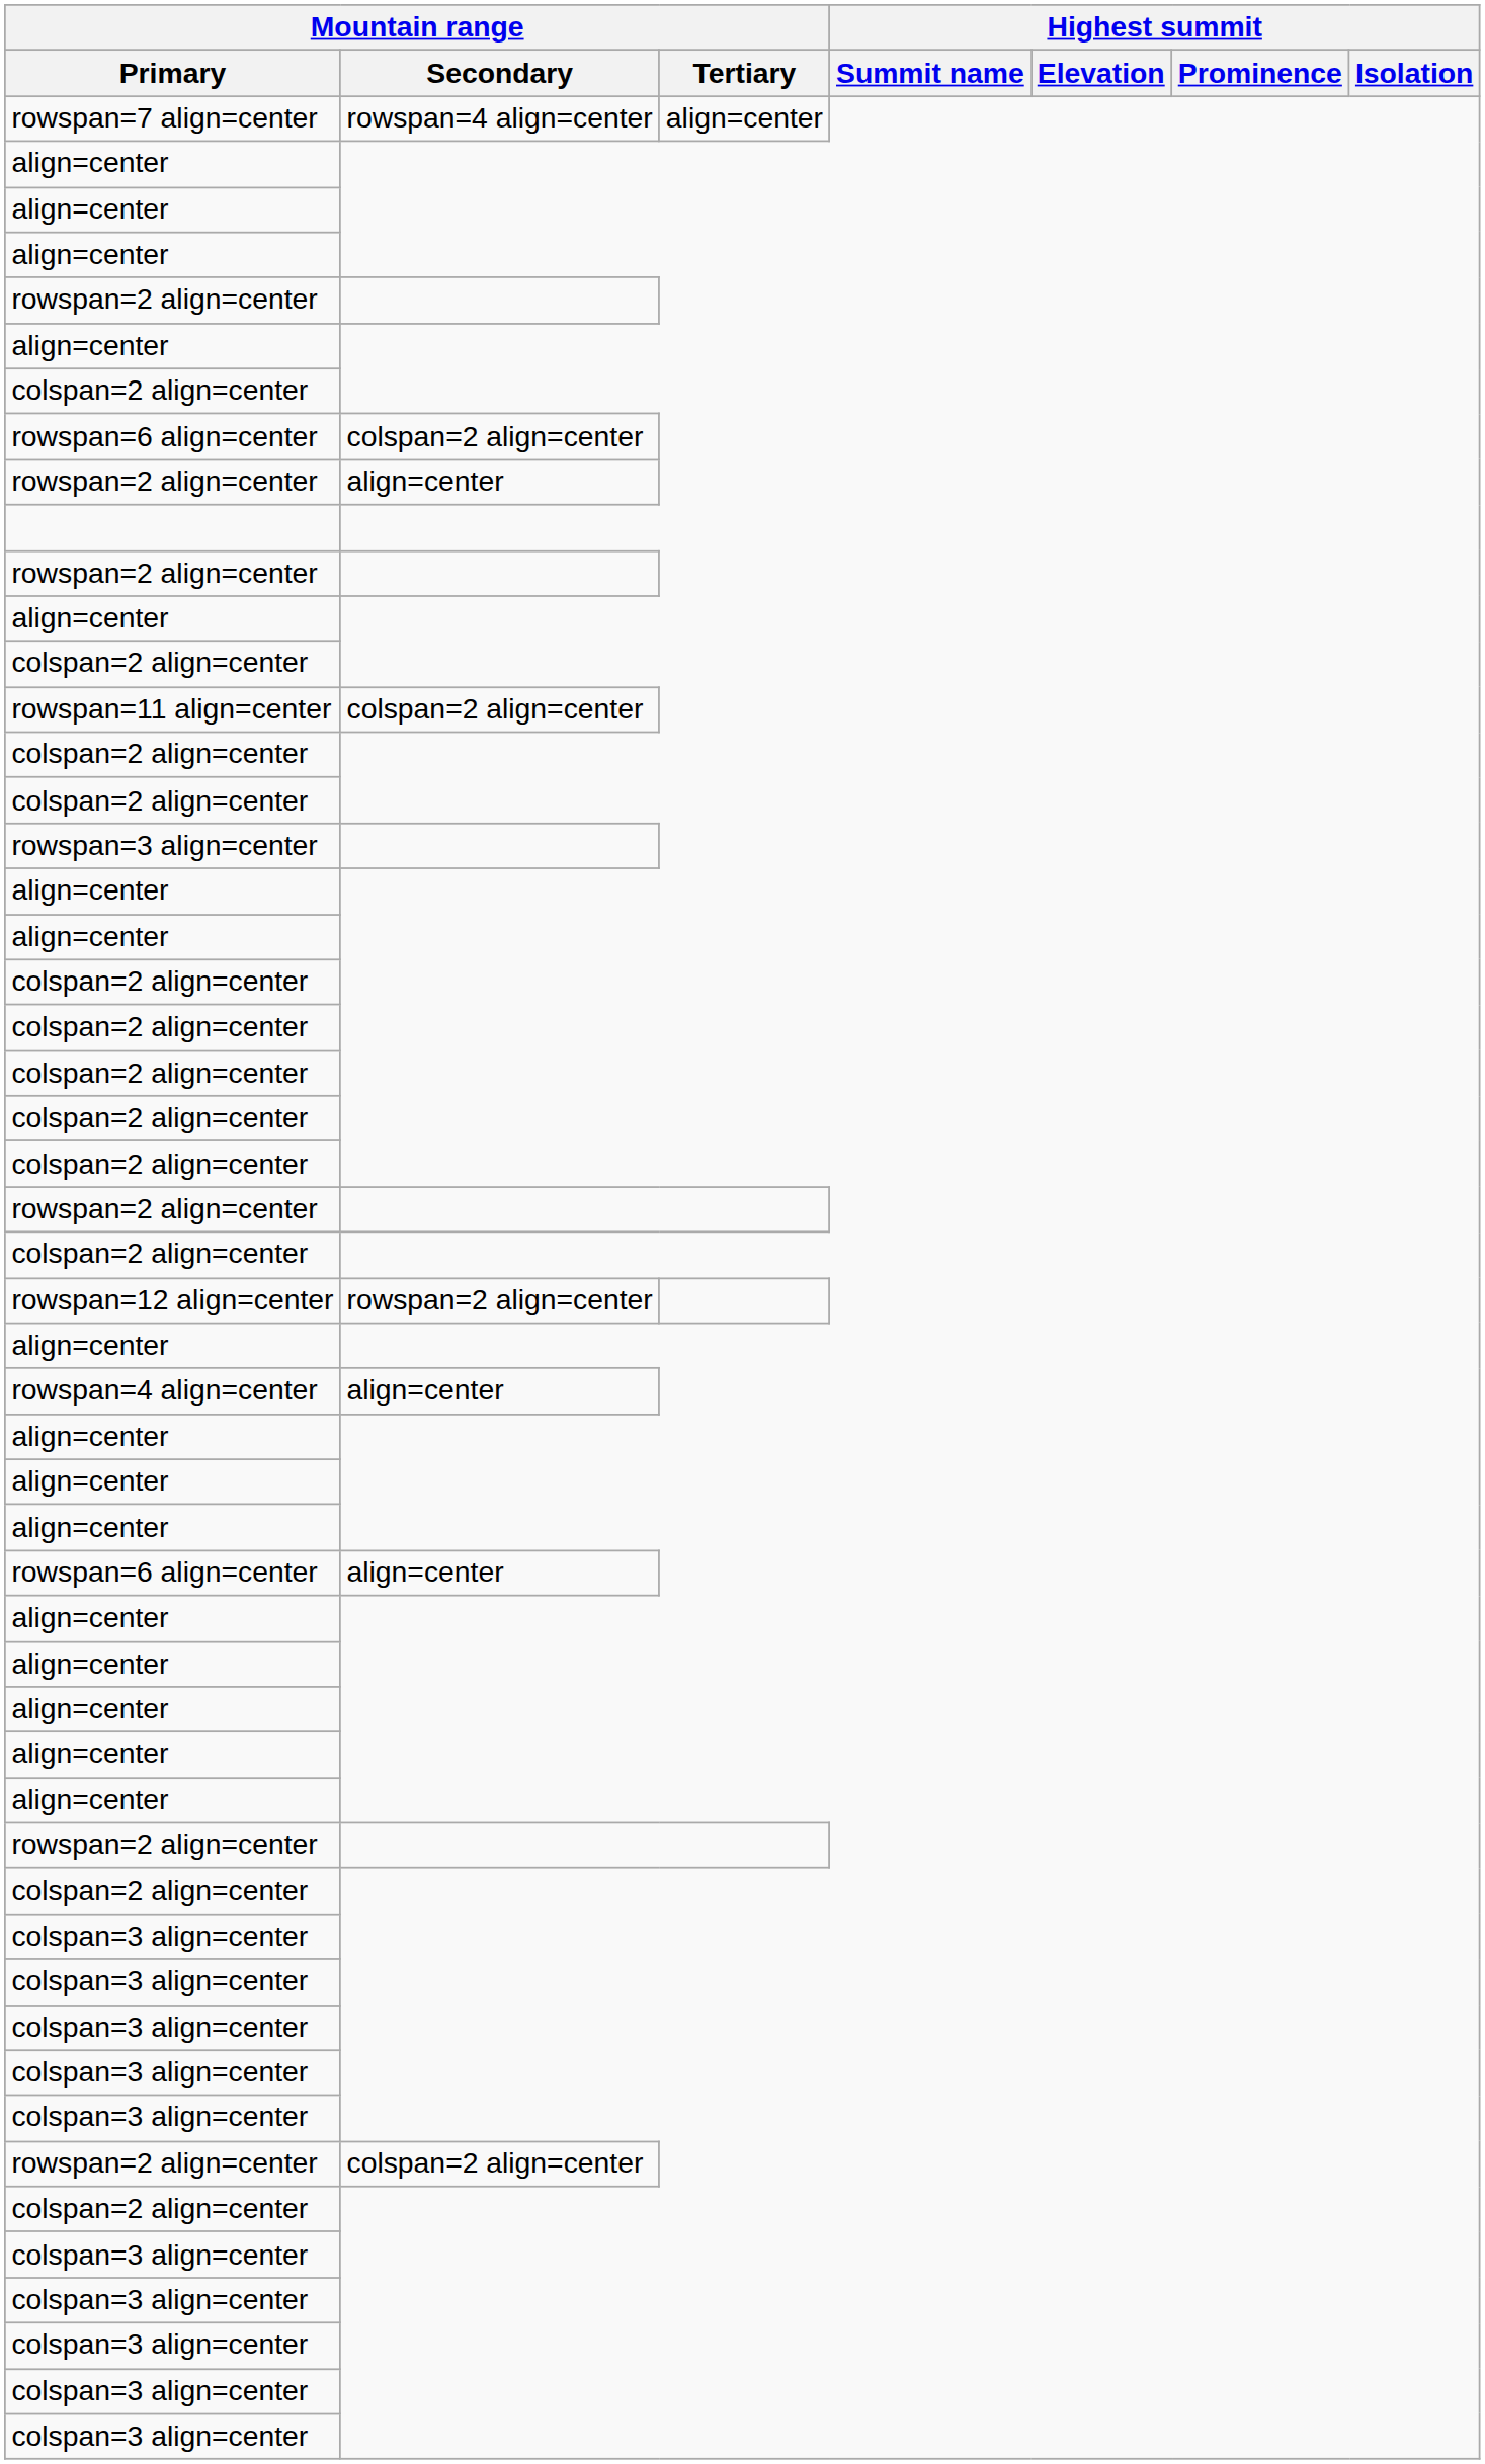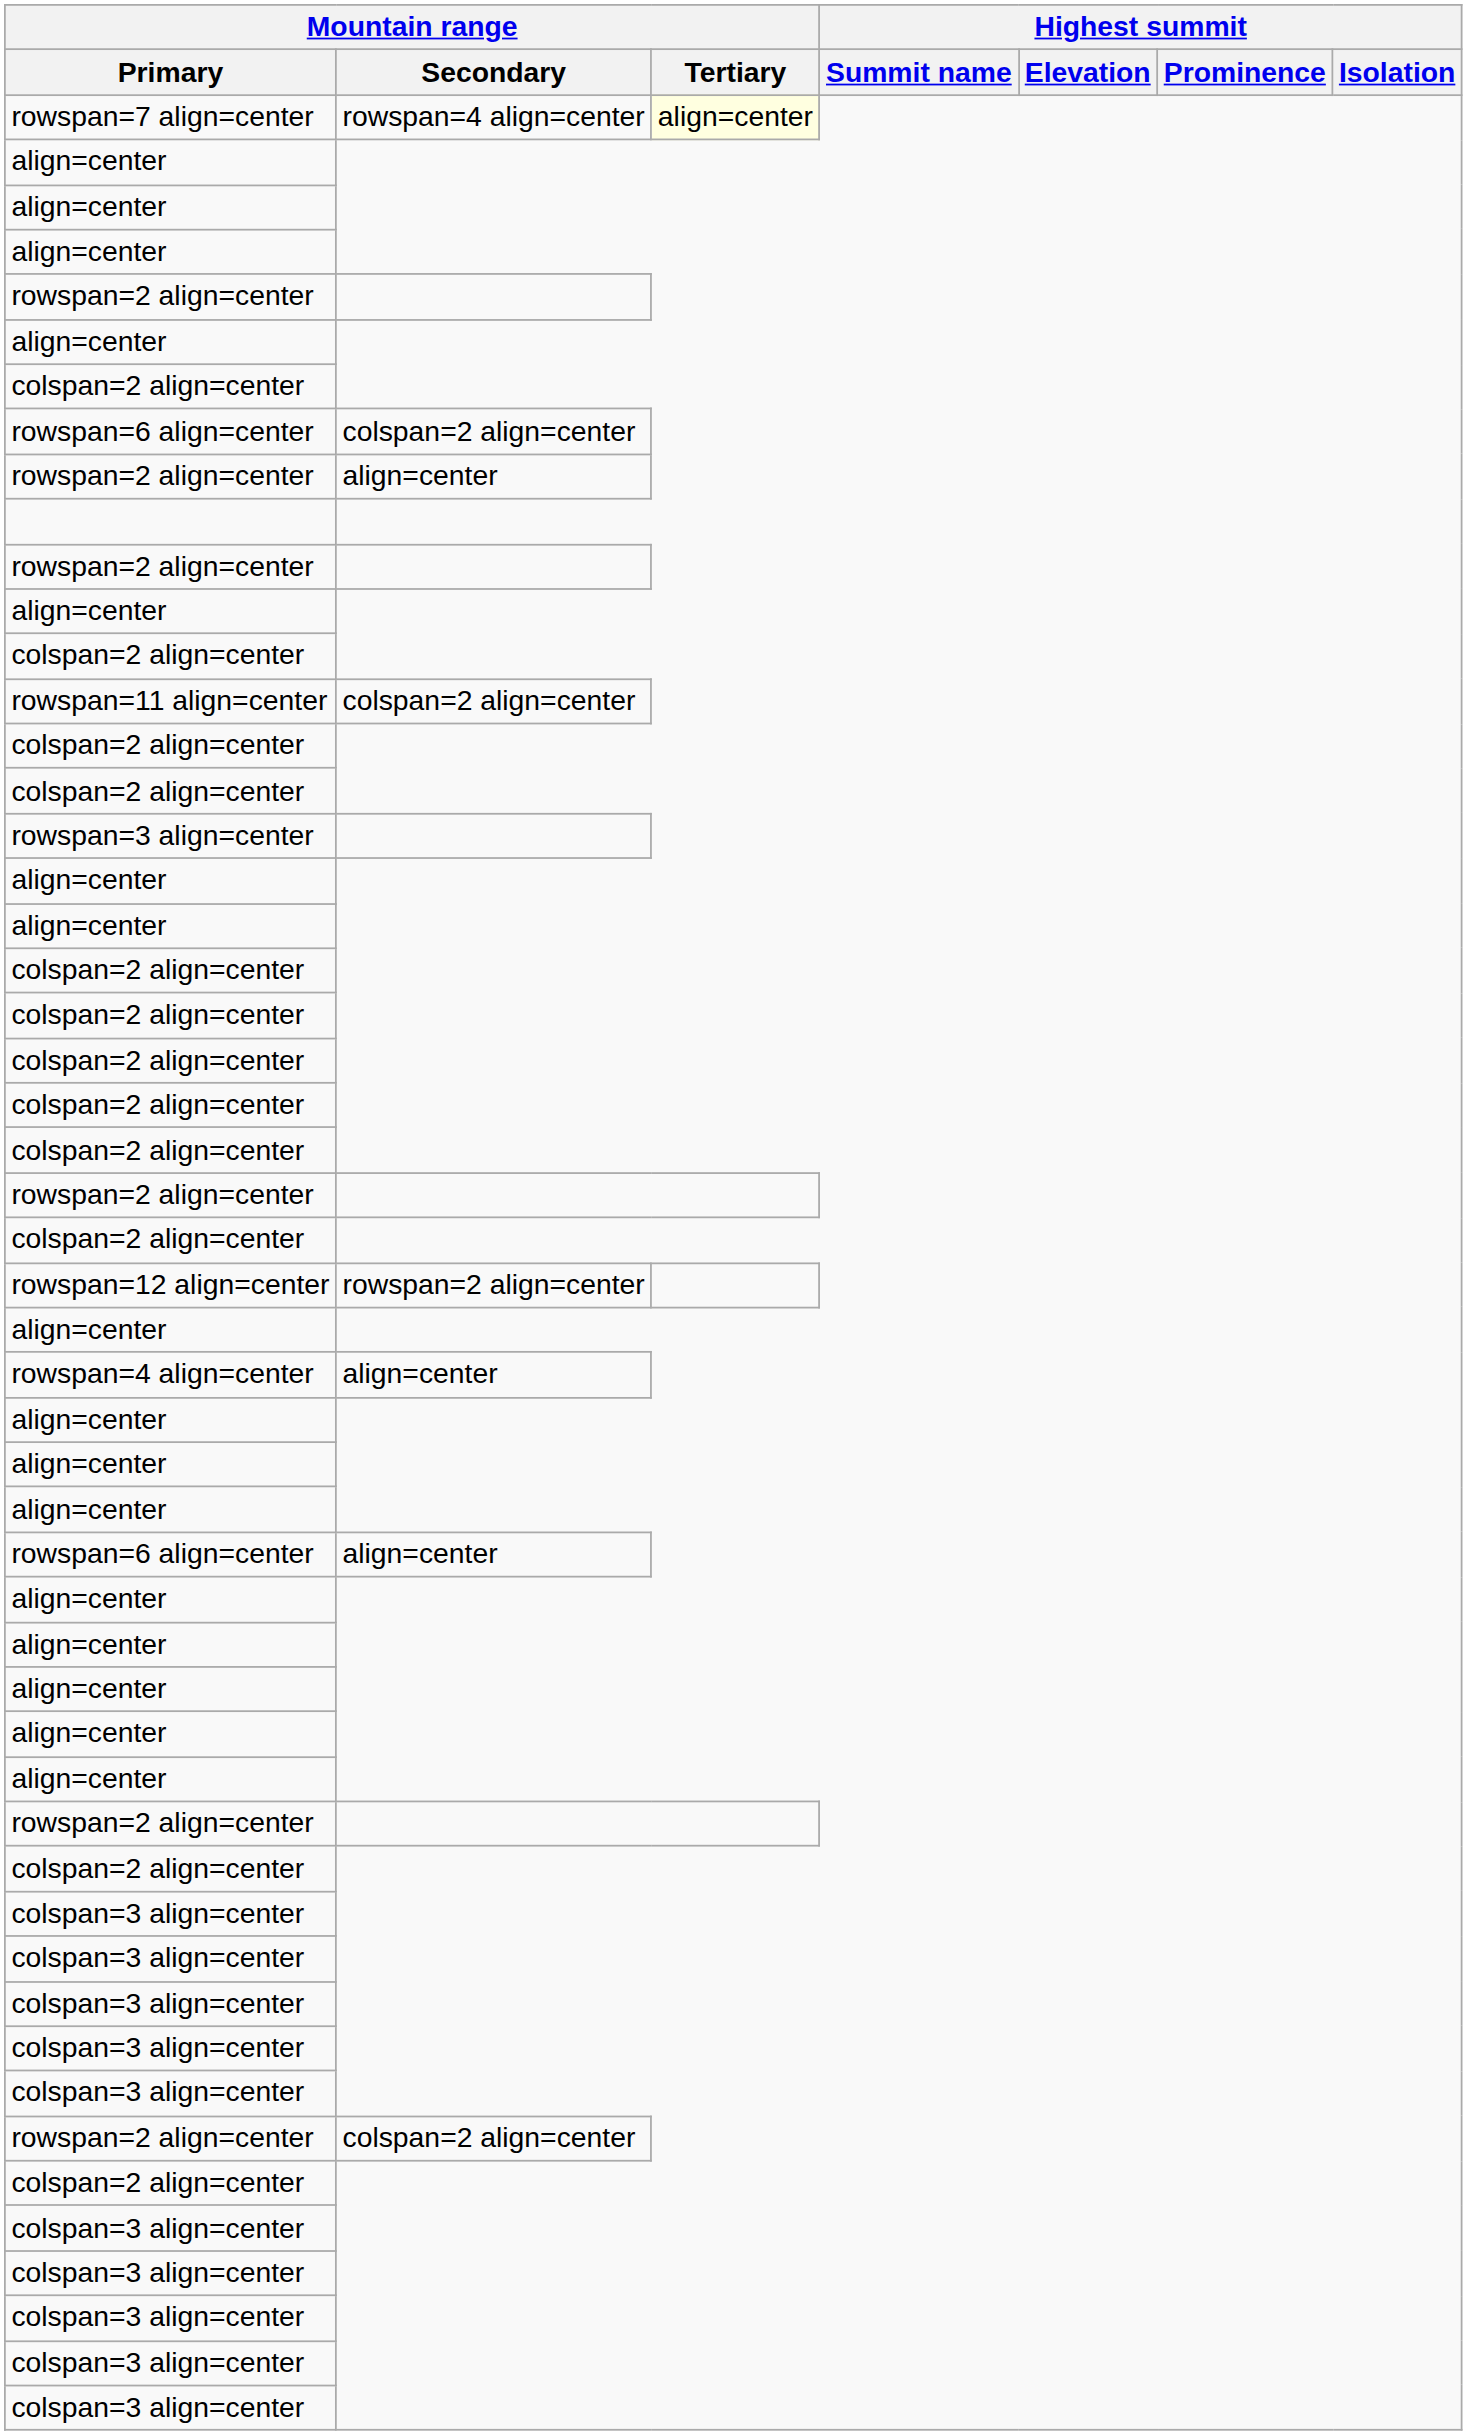 <table class=wikitable>
 <tr>
 <th colspan=3><a href='#'>Mountain range</a></th>
 <th colspan=4><a href='#'>Highest summit</a></th>
 </tr>
 <tr>
 <th>Primary</th>
 <th>Secondary</th>
 <th>Tertiary</th>
 <th><a href='#'>Summit name</a></th>
 <th><a href='#'>Elevation</a></th>
 <th><a href='#'>Prominence</a></th>
 <th><a href='#'>Isolation</a></th>
 </tr>
 <tr>
 <td>rowspan=7 align=center</td>
 <td>rowspan=4 align=center</td>
-<td>align=center<br> </td>
+<td style="background: lightyellow;">align=center<br> </td>
 </tr>
 <tr>
 <td>align=center<br> </td>
 </tr>
 <tr>
 <td>align=center<br> </td>
 </tr>
 <tr>
 <td>align=center<br> </td>
 </tr>
 <tr>
 <td>rowspan=2 align=center</td>
 <td><br> </td>
 </tr>
 <tr>
 <td>align=center<br> </td>
 </tr>
 <tr>
 <td>colspan=2 align=center<br> </td>
 </tr>
 <tr>
 <td>rowspan=6 align=center</td>
 <td>colspan=2 align=center<br> </td>
 </tr>
 <tr>
 <td>rowspan=2 align=center</td>
 <td>align=center<br> </td>
 </tr>
 <tr>
 <td><br> </td>
 </tr>
 <tr>
 <td>rowspan=2 align=center</td>
 <td><br> </td>
 </tr>
 <tr>
 <td>align=center<br> </td>
 </tr>
 <tr>
 <td>colspan=2 align=center<br> </td>
 </tr>
 <tr>
 <td>rowspan=11 align=center</td>
 <td>colspan=2 align=center<br> </td>
 </tr>
 <tr>
 <td>colspan=2 align=center<br> </td>
 </tr>
 <tr>
 <td>colspan=2 align=center<br> </td>
 </tr>
 <tr>
 <td>rowspan=3 align=center</td>
 <td><br> </td>
 </tr>
 <tr>
 <td>align=center<br> </td>
 </tr>
 <tr>
 <td>align=center<br> </td>
 </tr>
 <tr>
 <td>colspan=2 align=center<br> </td>
 </tr>
 <tr>
 <td>colspan=2 align=center<br> </td>
 </tr>
 <tr>
 <td>colspan=2 align=center<br> </td>
 </tr>
 <tr>
 <td>colspan=2 align=center<br> </td>
 </tr>
 <tr>
 <td>colspan=2 align=center<br> </td>
 </tr>
 <tr>
 <td>rowspan=2 align=center</td>
 <td colspan=2><br> </td>
 </tr>
 <tr>
 <td>colspan=2 align=center<br> </td>
 </tr>
 <tr>
 <td>rowspan=12 align=center</td>
 <td>rowspan=2 align=center</td>
 <td><br> </td>
 </tr>
 <tr>
 <td>align=center<br> </td>
 </tr>
 <tr>
 <td>rowspan=4 align=center</td>
 <td>align=center<br> </td>
 </tr>
 <tr>
 <td>align=center<br> </td>
 </tr>
 <tr>
 <td>align=center<br> </td>
 </tr>
 <tr>
 <td>align=center<br> </td>
 </tr>
 <tr>
 <td>rowspan=6 align=center</td>
 <td>align=center<br> </td>
 </tr>
 <tr>
 <td>align=center<br> </td>
 </tr>
 <tr>
 <td>align=center<br> </td>
 </tr>
 <tr>
 <td>align=center<br> </td>
 </tr>
 <tr>
 <td>align=center<br> </td>
 </tr>
 <tr>
 <td>align=center<br> </td>
 </tr>
 <tr>
 <td>rowspan=2 align=center</td>
 <td colspan=2><br> </td>
 </tr>
 <tr>
 <td>colspan=2 align=center<br> </td>
 </tr>
 <tr>
 <td>colspan=3 align=center<br> </td>
 </tr>
 <tr>
 <td>colspan=3 align=center<br> </td>
 </tr>
 <tr>
 <td>colspan=3 align=center<br> </td>
 </tr>
 <tr>
 <td>colspan=3 align=center<br> </td>
 </tr>
 <tr>
 <td>colspan=3 align=center<br> </td>
 </tr>
 <tr>
 <td>rowspan=2 align=center</td>
 <td>colspan=2 align=center<br> </td>
 </tr>
 <tr>
 <td>colspan=2 align=center<br> </td>
 </tr>
 <tr>
 <td>colspan=3 align=center<br> </td>
 </tr>
 <tr>
 <td>colspan=3 align=center<br> </td>
 </tr>
 <tr>
 <td>colspan=3 align=center<br> </td>
 </tr>
 <tr>
 <td>colspan=3 align=center<br> </td>
 </tr>
 <tr>
 <td>colspan=3 align=center<br> </td>
 </tr>
 </table>
